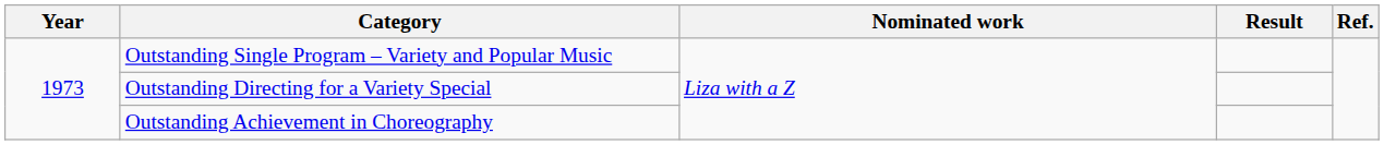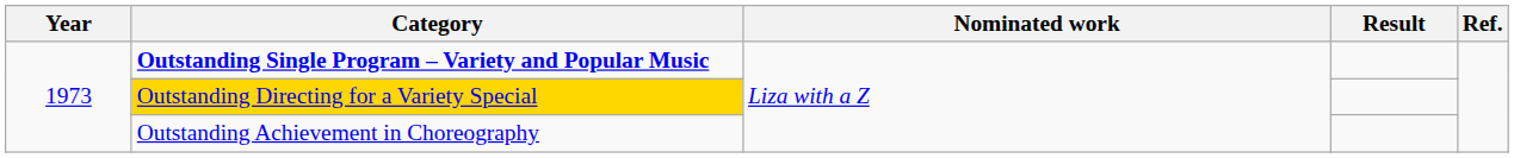 <table class=wikitable>
 <tr>
 <th scope="col" style="width:5em;">Year</th>
 <th scope="col" style="width:26em;">Category</th>
 <th scope="col" style="width:25em;">Nominated work</th>
 <th scope="col" style="width:5em;">Result</th>
 <th>Ref.</th>
 </tr>
 <tr>
 <td style="text-align:center;", rowspan="3"><a href='#'>1973</a></td>
-<td><a href='#'>Outstanding Single Program – Variety and Popular Music</a></td>
+<td><strong><a href='#'>Outstanding Single Program – Variety and Popular Music</a></strong></td>
 <td rowspan="3"><em><a href='#'>Liza with a Z</a></em></td>
 <td></td>
 <td align="center" rowspan="3"></td>
 </tr>
 <tr>
-<td><a href='#'>Outstanding Directing for a Variety Special</a></td>
+<td style="background: gold;"><a href='#'>Outstanding Directing for a Variety Special</a></td>
 <td></td>
 </tr>
 <tr>
 <td><a href='#'>Outstanding Achievement in Choreography</a></td>
 <td></td>
 </tr>
 </table>
